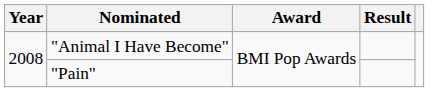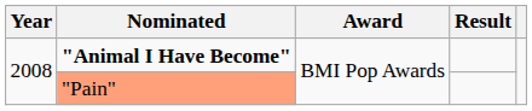 <table class="wikitable">
 <tr>
 <th>Year</th>
 <th>Nominated</th>
 <th>Award</th>
 <th>Result</th>
 <th></th>
 </tr>
 <tr>
 <td rowspan="2">2008</td>
-<td>"Animal I Have Become"</td>
+<td><strong>"Animal I Have Become"</strong></td>
 <td rowspan="2">BMI Pop Awards</td>
 <td></td>
 <td style="text-align:center;" rowspan="2"></td>
 </tr>
 <tr>
-<td>"Pain"</td>
+<td style="background: lightsalmon;">"Pain"</td>
 <td></td>
 </tr>
 </table>
